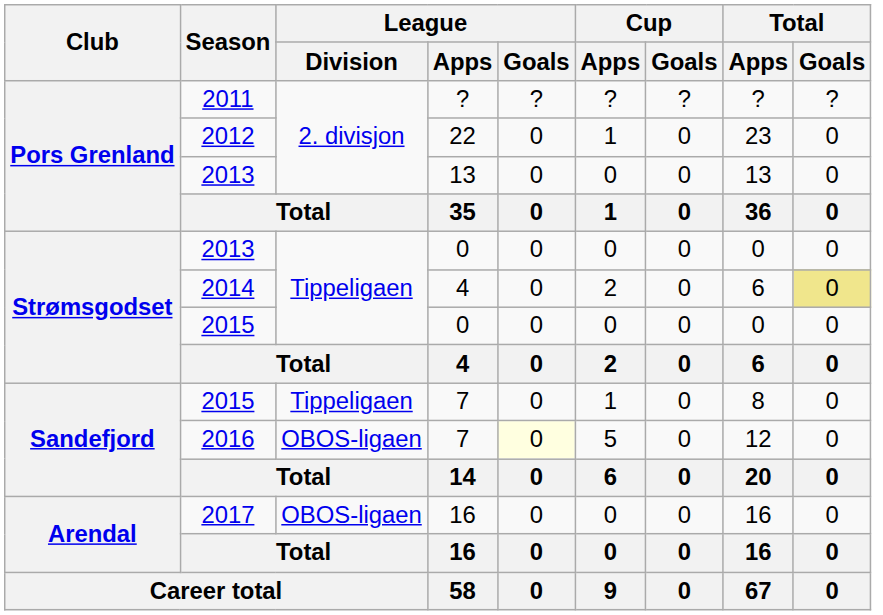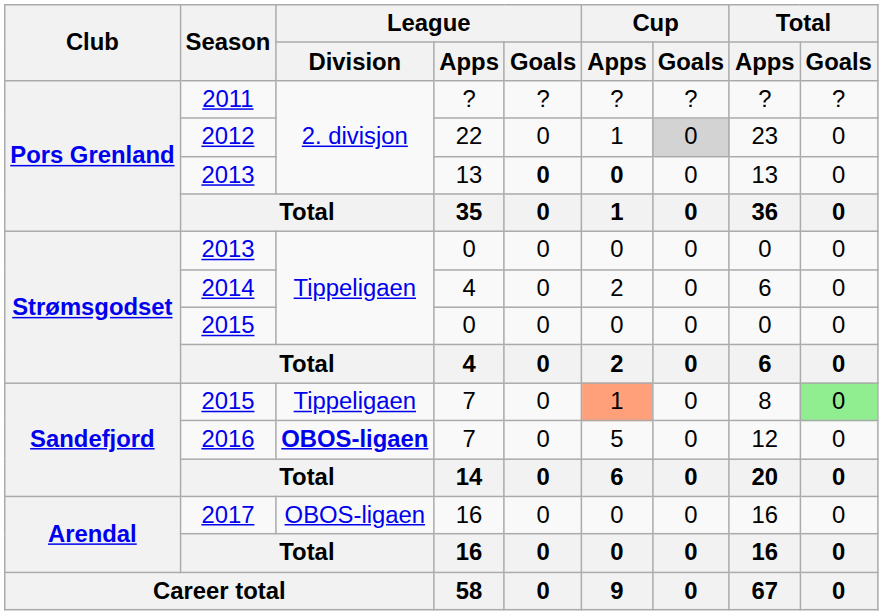 <table class="wikitable" style="text-align: center;">
 <tr>
 <th rowspan="2">Club</th>
 <th rowspan="2">Season</th>
 <th colspan="3">League</th>
 <th colspan="2">Cup</th>
 <th colspan="2">Total</th>
 </tr>
 <tr>
 <th>Division</th>
 <th>Apps</th>
 <th>Goals</th>
 <th>Apps</th>
 <th>Goals</th>
 <th>Apps</th>
 <th>Goals</th>
 </tr>
 <tr>
 <th rowspan="4" valign="center"><a href='#'>Pors Grenland</a></th>
 <td><a href='#'>2011</a></td>
 <td rowspan="3" valign="center"><a href='#'>2. divisjon</a></td>
 <td>?</td>
 <td>?</td>
 <td>?</td>
 <td>?</td>
 <td>?</td>
 <td>?</td>
 </tr>
 <tr>
 <td><a href='#'>2012</a></td>
 <td>22</td>
 <td>0</td>
 <td>1</td>
-<td>0</td>
+<td style="background: lightgrey;">0</td>
 <td>23</td>
 <td>0</td>
 </tr>
 <tr>
 <td><a href='#'>2013</a></td>
 <td>13</td>
-<td>0</td>
-<td>0</td>
+<td><strong>0</strong></td>
+<td><strong>0</strong></td>
 <td>0</td>
 <td>13</td>
 <td>0</td>
 </tr>
 <tr>
 <th colspan="2">Total</th>
 <th>35</th>
 <th>0</th>
 <th>1</th>
 <th>0</th>
 <th>36</th>
 <th>0</th>
 </tr>
 <tr>
 <th rowspan="4" valign="center"><a href='#'>Strømsgodset</a></th>
 <td><a href='#'>2013</a></td>
 <td rowspan="3" valign="center"><a href='#'>Tippeligaen</a></td>
 <td>0</td>
 <td>0</td>
 <td>0</td>
 <td>0</td>
 <td>0</td>
 <td>0</td>
 </tr>
 <tr>
 <td><a href='#'>2014</a></td>
 <td>4</td>
 <td>0</td>
 <td>2</td>
 <td>0</td>
 <td>6</td>
-<td style="background: khaki;">0</td>
+<td>0</td>
 </tr>
 <tr>
 <td><a href='#'>2015</a></td>
 <td>0</td>
 <td>0</td>
 <td>0</td>
 <td>0</td>
 <td>0</td>
 <td>0</td>
 </tr>
 <tr>
 <th colspan="2">Total</th>
 <th>4</th>
 <th>0</th>
 <th>2</th>
 <th>0</th>
 <th>6</th>
 <th>0</th>
 </tr>
 <tr>
 <th rowspan="3" valign="center"><a href='#'>Sandefjord</a></th>
 <td><a href='#'>2015</a></td>
 <td rowspan="1" valign="center"><a href='#'>Tippeligaen</a></td>
 <td>7</td>
 <td>0</td>
-<td>1</td>
+<td style="background: lightsalmon;">1</td>
 <td>0</td>
 <td>8</td>
-<td>0</td>
+<td style="background: lightgreen;">0</td>
 </tr>
 <tr>
 <td><a href='#'>2016</a></td>
-<td rowspan="1" valign="center"><a href='#'>OBOS-ligaen</a></td>
+<td rowspan="1" valign="center"><strong><a href='#'>OBOS-ligaen</a></strong></td>
 <td>7</td>
-<td style="background: lightyellow;">0</td>
+<td>0</td>
 <td>5</td>
 <td>0</td>
 <td>12</td>
 <td>0</td>
 </tr>
 <tr>
 <th colspan="2">Total</th>
 <th>14</th>
 <th>0</th>
 <th>6</th>
 <th>0</th>
 <th>20</th>
 <th>0</th>
 </tr>
 <tr>
 <th rowspan="2" valign="center"><a href='#'>Arendal</a></th>
 <td><a href='#'>2017</a></td>
 <td rowspan="1" valign="center"><a href='#'>OBOS-ligaen</a></td>
 <td>16</td>
 <td>0</td>
 <td>0</td>
 <td>0</td>
 <td>16</td>
 <td>0</td>
 </tr>
 <tr>
 <th colspan="2">Total</th>
 <th>16</th>
 <th>0</th>
 <th>0</th>
 <th>0</th>
 <th>16</th>
 <th>0</th>
 </tr>
 <tr>
 <th colspan="3">Career total</th>
 <th>58</th>
 <th>0</th>
 <th>9</th>
 <th>0</th>
 <th>67</th>
 <th>0</th>
 </tr>
 </table>
